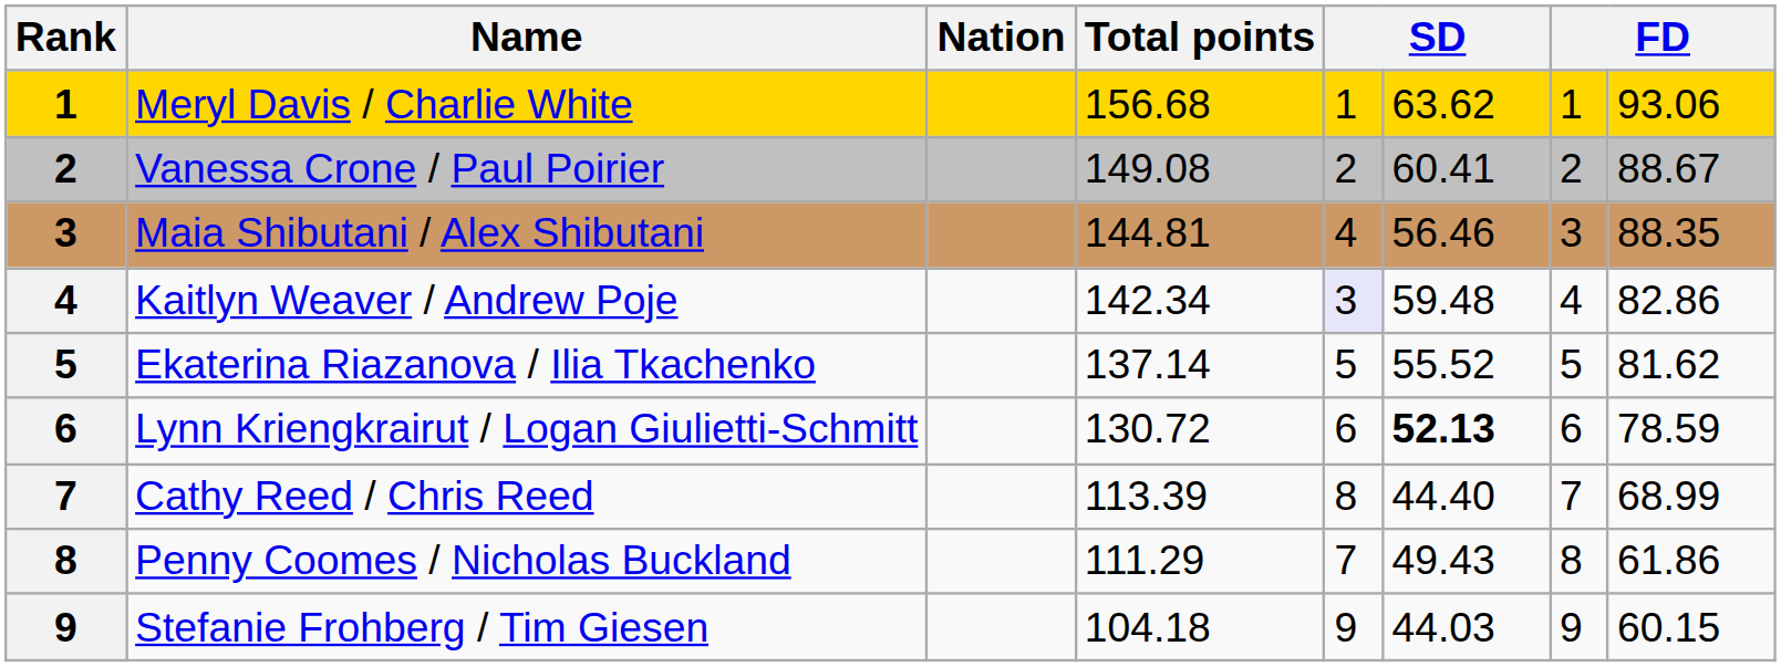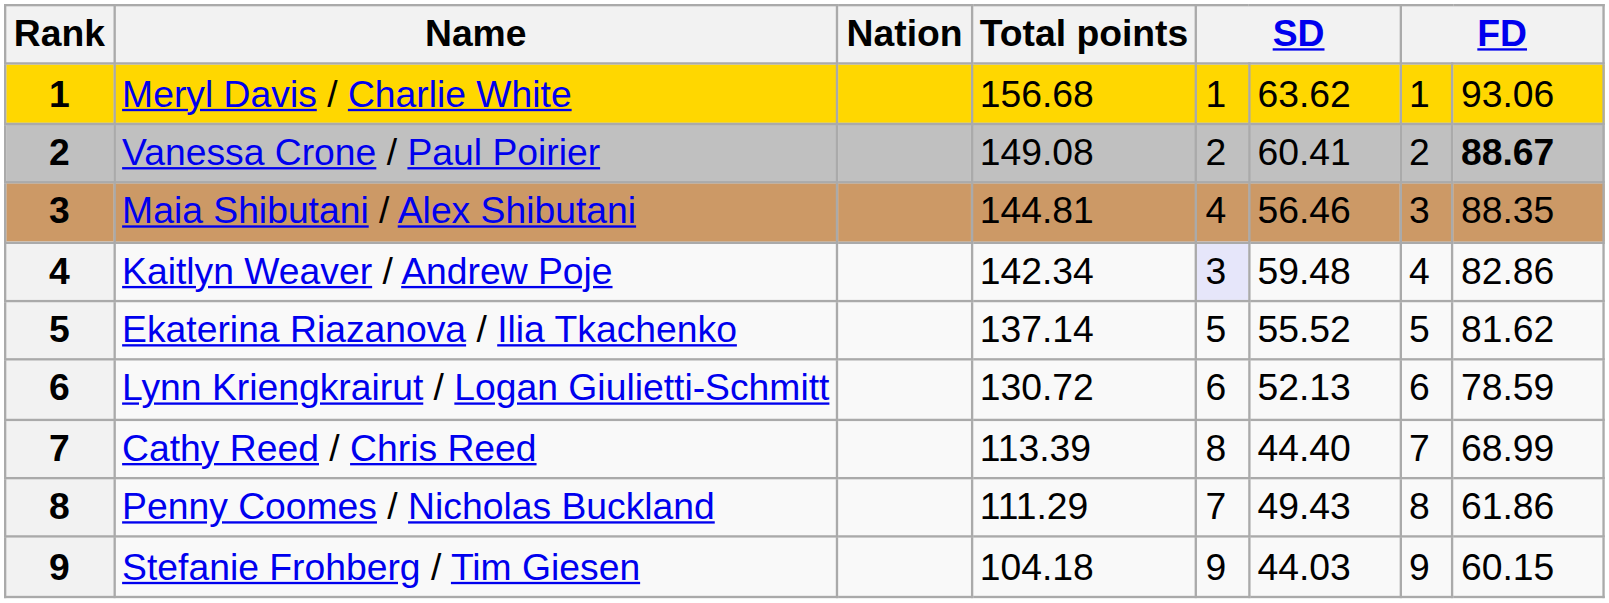 <table class="wikitable sortable">
 <tr>
 <th>Rank</th>
 <th>Name</th>
 <th>Nation</th>
 <th>Total points</th>
 <th colspan="2" width="80px"><a href='#'>SD</a></th>
 <th colspan="2" width="80px"><a href='#'>FD</a></th>
 </tr>
 <tr bgcolor="gold">
 <td align="center"><strong>1</strong></td>
 <td><a href='#'>Meryl Davis</a> / <a href='#'>Charlie White</a></td>
 <td></td>
 <td>156.68</td>
 <td>1</td>
 <td>63.62</td>
 <td>1</td>
 <td>93.06</td>
 </tr>
 <tr bgcolor="silver">
 <td align="center"><strong>2</strong></td>
 <td><a href='#'>Vanessa Crone</a> / <a href='#'>Paul Poirier</a></td>
 <td></td>
 <td>149.08</td>
 <td>2</td>
 <td>60.41</td>
 <td>2</td>
-<td>88.67</td>
+<td><strong>88.67</strong></td>
 </tr>
 <tr bgcolor="cc9966">
 <td align="center"><strong>3</strong></td>
 <td><a href='#'>Maia Shibutani</a> / <a href='#'>Alex Shibutani</a></td>
 <td></td>
 <td>144.81</td>
 <td>4</td>
 <td>56.46</td>
 <td>3</td>
 <td>88.35</td>
 </tr>
 <tr>
 <th>4</th>
 <td><a href='#'>Kaitlyn Weaver</a> / <a href='#'>Andrew Poje</a></td>
 <td></td>
 <td>142.34</td>
 <td style="background: lavender;">3</td>
 <td>59.48</td>
 <td>4</td>
 <td>82.86</td>
 </tr>
 <tr>
 <th>5</th>
 <td><a href='#'>Ekaterina Riazanova</a> / <a href='#'>Ilia Tkachenko</a></td>
 <td></td>
 <td>137.14</td>
 <td>5</td>
 <td>55.52</td>
 <td>5</td>
 <td>81.62</td>
 </tr>
 <tr>
 <th>6</th>
 <td><a href='#'>Lynn Kriengkrairut</a> / <a href='#'>Logan Giulietti-Schmitt</a></td>
 <td></td>
 <td>130.72</td>
 <td>6</td>
-<td><strong>52.13</strong></td>
+<td>52.13</td>
 <td>6</td>
 <td>78.59</td>
 </tr>
 <tr>
 <th>7</th>
 <td><a href='#'>Cathy Reed</a> / <a href='#'>Chris Reed</a></td>
 <td></td>
 <td>113.39</td>
 <td>8</td>
 <td>44.40</td>
 <td>7</td>
 <td>68.99</td>
 </tr>
 <tr>
 <th>8</th>
 <td><a href='#'>Penny Coomes</a> / <a href='#'>Nicholas Buckland</a></td>
 <td></td>
 <td>111.29</td>
 <td>7</td>
 <td>49.43</td>
 <td>8</td>
 <td>61.86</td>
 </tr>
 <tr>
 <th>9</th>
 <td><a href='#'>Stefanie Frohberg</a> / <a href='#'>Tim Giesen</a></td>
 <td></td>
 <td>104.18</td>
 <td>9</td>
 <td>44.03</td>
 <td>9</td>
 <td>60.15</td>
 </tr>
 </table>
